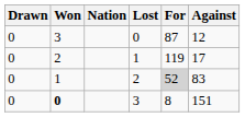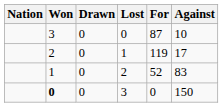 <table class="wikitable">
 <tr>
+<th>Nation</th>
+<th>Won</th>
 <th>Drawn</th>
-<th>Won</th>
-<th>Nation</th>
 <th>Lost</th>
 <th>For</th>
 <th>Against</th>
 </tr>
 <tr>
+<td></td>
+<td>3</td>
 <td>0</td>
-<td>3</td>
-<td></td>
 <td>0</td>
 <td>87</td>
-<td>12</td>
+<td>10</td>
 </tr>
 <tr>
+<td></td>
+<td>2</td>
 <td>0</td>
-<td>2</td>
-<td></td>
 <td>1</td>
 <td>119</td>
 <td>17</td>
 </tr>
 <tr>
+<td></td>
+<td>1</td>
 <td>0</td>
-<td>1</td>
-<td></td>
 <td>2</td>
-<td style="background: lightgrey;">52</td>
+<td>52</td>
 <td>83</td>
 </tr>
 <tr>
+<td></td>
+<td><strong>0</strong></td>
 <td>0</td>
-<td><strong>0</strong></td>
-<td></td>
 <td>3</td>
-<td>8</td>
-<td>151</td>
+<td>0</td>
+<td>150</td>
 </tr>
 </table>
